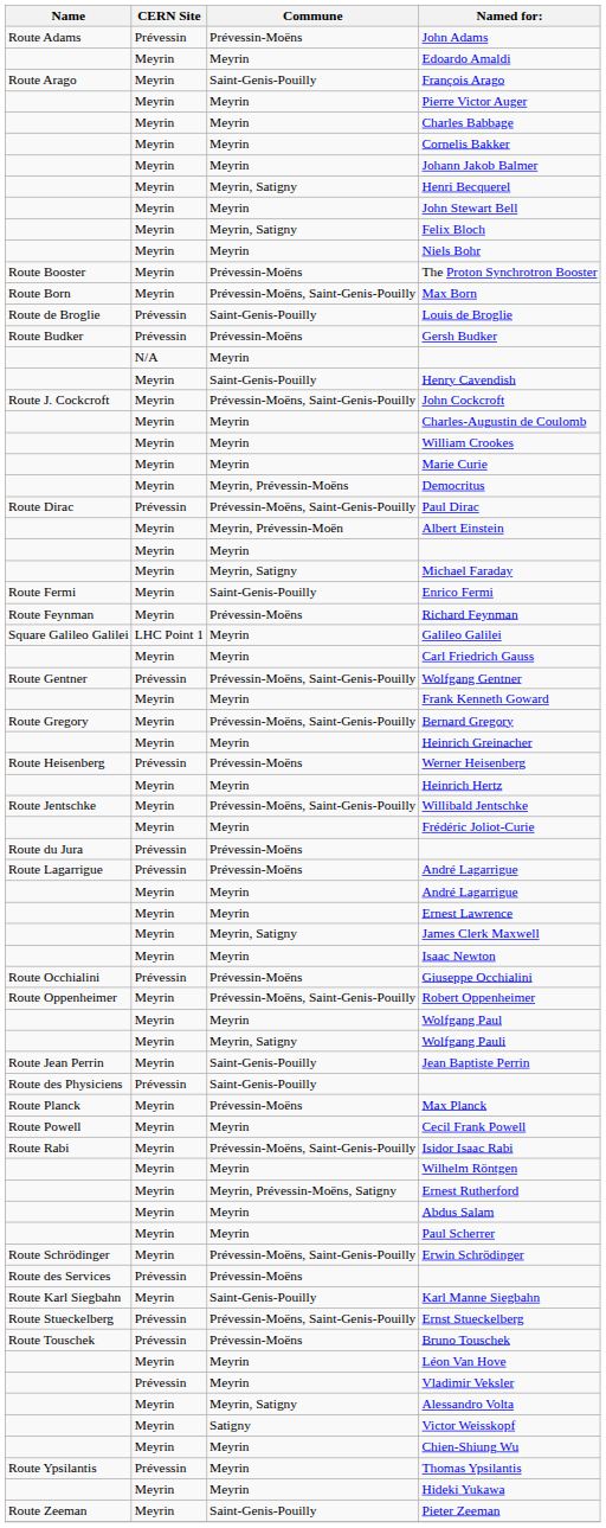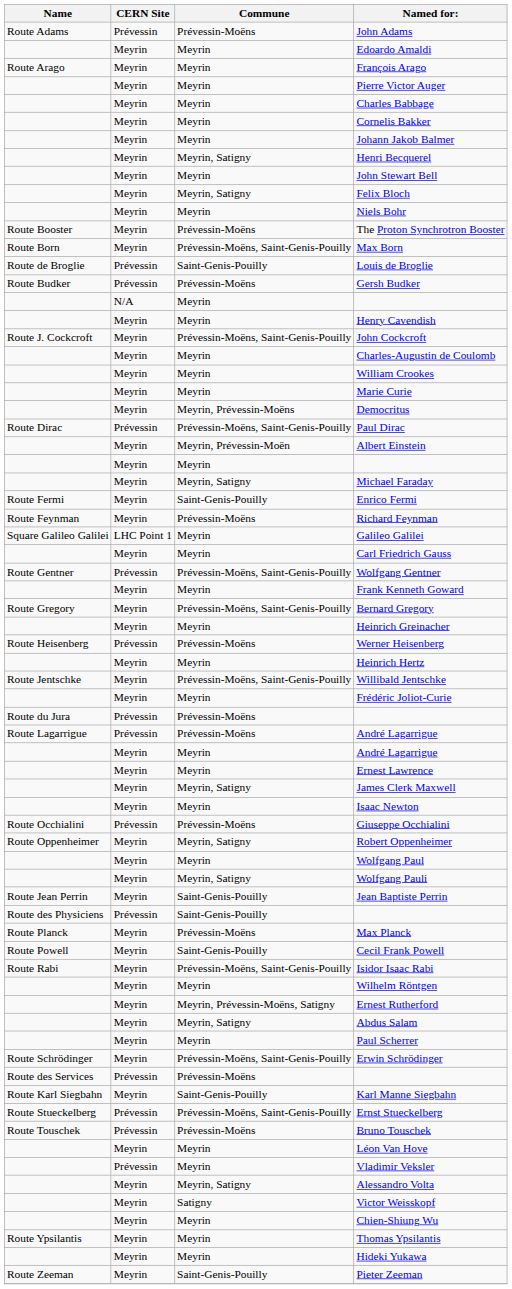 <table class="wikitable sortable">
 <tr>
 <th>Name</th>
 <th>CERN Site</th>
 <th>Commune</th>
 <th>Named for:</th>
 </tr>
 <tr>
 <td>Route Adams</td>
 <td>Prévessin</td>
 <td>Prévessin-Moëns</td>
 <td data-sort-value="Adams, John"><a href='#'>John Adams</a></td>
 </tr>
 <tr>
 <td></td>
 <td>Meyrin</td>
 <td>Meyrin</td>
 <td data-sort-value="Amaldi, Edoardo"><a href='#'>Edoardo Amaldi</a></td>
 </tr>
 <tr>
 <td>Route Arago</td>
 <td>Meyrin</td>
-<td>Saint-Genis-Pouilly</td>
+<td>Meyrin</td>
 <td data-sort-value="Arago, François"><a href='#'>François Arago</a></td>
 </tr>
 <tr>
 <td></td>
 <td>Meyrin</td>
 <td>Meyrin</td>
 <td data-sort-value="Auger, Pierre Victor"><a href='#'>Pierre Victor Auger</a></td>
 </tr>
 <tr>
 <td></td>
 <td>Meyrin</td>
 <td>Meyrin</td>
 <td data-sort-value="Babbage, Charles"><a href='#'>Charles Babbage</a></td>
 </tr>
 <tr>
 <td></td>
 <td>Meyrin</td>
 <td>Meyrin</td>
 <td data-sort-value="Bakker, Cornelis"><a href='#'>Cornelis Bakker</a></td>
 </tr>
 <tr>
 <td></td>
 <td>Meyrin</td>
 <td>Meyrin</td>
 <td data-sort-value="Balmer, Johann Jakob"><a href='#'>Johann Jakob Balmer</a></td>
 </tr>
 <tr>
 <td></td>
 <td>Meyrin</td>
 <td>Meyrin, Satigny</td>
 <td data-sort-value="Becquerel, Antoine Henri"><a href='#'>Henri Becquerel</a></td>
 </tr>
 <tr>
 <td></td>
 <td>Meyrin</td>
 <td>Meyrin</td>
 <td data-sort-value="Bell, John Stewart"><a href='#'>John Stewart Bell</a></td>
 </tr>
 <tr>
 <td></td>
 <td>Meyrin</td>
 <td>Meyrin, Satigny</td>
 <td data-sort-value="Bloch, Felix"><a href='#'>Felix Bloch</a></td>
 </tr>
 <tr>
 <td></td>
 <td>Meyrin</td>
 <td>Meyrin</td>
 <td data-sort-value="Bohr, Niels"><a href='#'>Niels Bohr</a></td>
 </tr>
 <tr>
 <td>Route Booster</td>
 <td>Meyrin</td>
 <td>Prévessin-Moëns</td>
 <td data-sort-value="Proton Synchrotron Booster">The <a href='#'>Proton Synchrotron Booster</a></td>
 </tr>
 <tr>
 <td>Route Born</td>
 <td>Meyrin</td>
 <td>Prévessin-Moëns, Saint-Genis-Pouilly</td>
 <td data-sort-value="Born, Max"><a href='#'>Max Born</a></td>
 </tr>
 <tr>
 <td>Route de Broglie</td>
 <td>Prévessin</td>
 <td>Saint-Genis-Pouilly</td>
 <td data-sort-value="Broglie, Louis De"><a href='#'>Louis de Broglie</a></td>
 </tr>
 <tr>
 <td>Route Budker</td>
 <td>Prévessin</td>
 <td>Prévessin-Moëns</td>
 <td data-sort-value="Budker, Gersh"><a href='#'>Gersh Budker</a></td>
 </tr>
 <tr>
 <td></td>
 <td>N/A</td>
 <td>Meyrin</td>
 <td></td>
 </tr>
 <tr>
 <td></td>
 <td>Meyrin</td>
-<td>Saint-Genis-Pouilly</td>
+<td>Meyrin</td>
 <td data-sort-value="Cavendish, Henry"><a href='#'>Henry Cavendish</a></td>
 </tr>
 <tr>
 <td>Route J. Cockcroft</td>
 <td>Meyrin</td>
 <td>Prévessin-Moëns, Saint-Genis-Pouilly</td>
 <td data-sort-value="Cockroft, John"><a href='#'>John Cockcroft</a></td>
 </tr>
 <tr>
 <td></td>
 <td>Meyrin</td>
 <td>Meyrin</td>
 <td data-sort-value="Coulomb, Charles Augustin de"><a href='#'>Charles-Augustin de Coulomb</a></td>
 </tr>
 <tr>
 <td></td>
 <td>Meyrin</td>
 <td>Meyrin</td>
 <td data-sort-value="Crookes, William"><a href='#'>William Crookes</a></td>
 </tr>
 <tr>
 <td></td>
 <td>Meyrin</td>
 <td>Meyrin</td>
 <td data-sort-value="Curie, Marie"><a href='#'>Marie Curie</a></td>
 </tr>
 <tr>
 <td></td>
 <td>Meyrin</td>
 <td>Meyrin, Prévessin-Moëns</td>
 <td data-sort-value="Democritus"><a href='#'>Democritus</a></td>
 </tr>
 <tr>
 <td>Route Dirac</td>
 <td>Prévessin</td>
 <td>Prévessin-Moëns, Saint-Genis-Pouilly</td>
 <td data-sort-value="Dirac, Paul"><a href='#'>Paul Dirac</a></td>
 </tr>
 <tr>
 <td></td>
 <td>Meyrin</td>
 <td>Meyrin, Prévessin-Moën</td>
 <td data-sort-value="Einstein, Albert"><a href='#'>Albert Einstein</a></td>
 </tr>
 <tr>
 <td></td>
 <td>Meyrin</td>
 <td>Meyrin</td>
 <td></td>
 </tr>
 <tr>
 <td></td>
 <td>Meyrin</td>
 <td>Meyrin, Satigny</td>
 <td data-sort-value="Faraday, Michael"><a href='#'>Michael Faraday</a></td>
 </tr>
 <tr>
 <td>Route Fermi</td>
 <td>Meyrin</td>
 <td>Saint-Genis-Pouilly</td>
 <td data-sort-value="Fermi, Enrico"><a href='#'>Enrico Fermi</a></td>
 </tr>
 <tr>
 <td>Route Feynman</td>
 <td>Meyrin</td>
 <td>Prévessin-Moëns</td>
 <td data-sort-value="Feynman, Richard"><a href='#'>Richard Feynman</a></td>
 </tr>
 <tr>
 <td>Square Galileo Galilei</td>
 <td>LHC Point 1</td>
 <td>Meyrin</td>
 <td data-sort-value="Galilei, Galileo"><a href='#'>Galileo Galilei</a></td>
 </tr>
 <tr>
 <td></td>
 <td>Meyrin</td>
 <td>Meyrin</td>
 <td data-sort-value="Gauss, Carl Friedrich"><a href='#'>Carl Friedrich Gauss</a></td>
 </tr>
 <tr>
 <td>Route Gentner</td>
 <td>Prévessin</td>
 <td>Prévessin-Moëns, Saint-Genis-Pouilly</td>
 <td data-sort-value="Gentner, Wolfgang"><a href='#'>Wolfgang Gentner</a></td>
 </tr>
 <tr>
 <td></td>
 <td>Meyrin</td>
 <td>Meyrin</td>
 <td data-sort-value="Goward, Frank Kenneth"><a href='#'>Frank Kenneth Goward</a></td>
 </tr>
 <tr>
 <td>Route Gregory</td>
 <td>Meyrin</td>
 <td>Prévessin-Moëns, Saint-Genis-Pouilly</td>
 <td data-sort-value="Gregory, Bernard"><a href='#'>Bernard Gregory</a></td>
 </tr>
 <tr>
 <td></td>
 <td>Meyrin</td>
 <td>Meyrin</td>
 <td data-sort-value="Greinacher, Heinrich"><a href='#'>Heinrich Greinacher</a></td>
 </tr>
 <tr>
 <td>Route Heisenberg</td>
 <td>Prévessin</td>
 <td>Prévessin-Moëns</td>
 <td data-sort-value="Heisenberg, Werner"><a href='#'>Werner Heisenberg</a></td>
 </tr>
 <tr>
 <td></td>
 <td>Meyrin</td>
 <td>Meyrin</td>
 <td data-sort-value="Hertz, Heinrich"><a href='#'>Heinrich Hertz</a></td>
 </tr>
 <tr>
 <td>Route Jentschke</td>
 <td>Meyrin</td>
 <td>Prévessin-Moëns, Saint-Genis-Pouilly</td>
 <td data-sort-value="Jentschke, Willibald"><a href='#'>Willibald Jentschke</a></td>
 </tr>
 <tr>
 <td></td>
 <td>Meyrin</td>
 <td>Meyrin</td>
 <td data-sort-value="Joliot-Curie"><a href='#'>Frédéric Joliot-Curie</a></td>
 </tr>
 <tr>
 <td>Route du Jura</td>
 <td>Prévessin</td>
 <td>Prévessin-Moëns</td>
 <td></td>
 </tr>
 <tr>
 <td>Route Lagarrigue</td>
 <td>Prévessin</td>
 <td>Prévessin-Moëns</td>
 <td data-sort-value="Lagarrigue, André"><a href='#'>André Lagarrigue</a></td>
 </tr>
 <tr>
 <td></td>
 <td>Meyrin</td>
 <td>Meyrin</td>
 <td data-sort-value="Lagarrigue, André"><a href='#'>André Lagarrigue</a></td>
 </tr>
 <tr>
 <td></td>
 <td>Meyrin</td>
 <td>Meyrin</td>
 <td data-sort-value="Lawrence, Ernest"><a href='#'>Ernest Lawrence</a></td>
 </tr>
 <tr>
 <td></td>
 <td>Meyrin</td>
 <td>Meyrin, Satigny</td>
 <td data-sort-value="Maxwell, James Clerk"><a href='#'>James Clerk Maxwell</a></td>
 </tr>
 <tr>
 <td></td>
 <td>Meyrin</td>
 <td>Meyrin</td>
 <td data-sort-value="Newton, Isaac"><a href='#'>Isaac Newton</a></td>
 </tr>
 <tr>
 <td>Route Occhialini</td>
 <td>Prévessin</td>
 <td>Prévessin-Moëns</td>
 <td data-sort-value="Occhialini, Giuseppe"><a href='#'>Giuseppe Occhialini</a></td>
 </tr>
 <tr>
 <td>Route Oppenheimer</td>
 <td>Meyrin</td>
-<td>Prévessin-Moëns, Saint-Genis-Pouilly</td>
+<td>Meyrin, Satigny</td>
 <td data-sort-value="Oppenheimer, Robert"><a href='#'>Robert Oppenheimer</a></td>
 </tr>
 <tr>
 <td></td>
 <td>Meyrin</td>
 <td>Meyrin</td>
 <td data-sort-value="Paul, Wolfgang"><a href='#'>Wolfgang Paul</a></td>
 </tr>
 <tr>
 <td></td>
 <td>Meyrin</td>
 <td>Meyrin, Satigny</td>
 <td data-sort-value="Pauli, Wolfgang"><a href='#'>Wolfgang Pauli</a></td>
 </tr>
 <tr>
 <td>Route Jean Perrin</td>
 <td>Meyrin</td>
 <td>Saint-Genis-Pouilly</td>
 <td data-sort-value="Perrin, Jean Baptiste"><a href='#'>Jean Baptiste Perrin</a></td>
 </tr>
 <tr>
 <td>Route des Physiciens</td>
 <td>Prévessin</td>
 <td>Saint-Genis-Pouilly</td>
 <td></td>
 </tr>
 <tr>
 <td>Route Planck</td>
 <td>Meyrin</td>
 <td>Prévessin-Moëns</td>
 <td data-sort-value="Planck, Max"><a href='#'>Max Planck</a></td>
 </tr>
 <tr>
 <td>Route Powell</td>
 <td>Meyrin</td>
-<td>Meyrin</td>
+<td>Saint-Genis-Pouilly</td>
 <td data-sort-value="Powell, Cecil Frank"><a href='#'>Cecil Frank Powell</a></td>
 </tr>
 <tr>
 <td>Route Rabi</td>
 <td>Meyrin</td>
 <td>Prévessin-Moëns, Saint-Genis-Pouilly</td>
 <td data-sort-value="Rabi, Isidor Isaac"><a href='#'>Isidor Isaac Rabi</a></td>
 </tr>
 <tr>
 <td></td>
 <td>Meyrin</td>
 <td>Meyrin</td>
 <td data-sort-value="Röntgen, Wilhelm"><a href='#'>Wilhelm Röntgen</a></td>
 </tr>
 <tr>
 <td></td>
 <td>Meyrin</td>
 <td>Meyrin, Prévessin-Moëns, Satigny</td>
 <td data-sort-value="Rutherford, Ernest"><a href='#'>Ernest Rutherford</a></td>
 </tr>
 <tr>
 <td></td>
 <td>Meyrin</td>
-<td>Meyrin</td>
+<td>Meyrin, Satigny</td>
 <td data-sort-value="Salam, Abdus"><a href='#'>Abdus Salam</a></td>
 </tr>
 <tr>
 <td></td>
 <td>Meyrin</td>
 <td>Meyrin</td>
 <td data-sort-value="Scherrer, Paul"><a href='#'>Paul Scherrer</a></td>
 </tr>
 <tr>
 <td>Route Schrödinger</td>
 <td>Meyrin</td>
 <td>Prévessin-Moëns, Saint-Genis-Pouilly</td>
 <td data-sort-value="Schrödinger, Erwin"><a href='#'>Erwin Schrödinger</a></td>
 </tr>
 <tr>
 <td>Route des Services</td>
 <td>Prévessin</td>
 <td>Prévessin-Moëns</td>
 <td></td>
 </tr>
 <tr>
 <td>Route Karl Siegbahn</td>
 <td>Meyrin</td>
 <td>Saint-Genis-Pouilly</td>
 <td data-sort-value="Siegbahn, Karl Manne"><a href='#'>Karl Manne Siegbahn</a></td>
 </tr>
 <tr>
 <td>Route Stueckelberg</td>
 <td>Prévessin</td>
 <td>Prévessin-Moëns, Saint-Genis-Pouilly</td>
 <td data-sort-value="Stueckelberg, Ernst"><a href='#'>Ernst Stueckelberg</a></td>
 </tr>
 <tr>
 <td>Route Touschek</td>
 <td>Prévessin</td>
 <td>Prévessin-Moëns</td>
 <td data-sort-value="Touschek, Bruno"><a href='#'>Bruno Touschek</a></td>
 </tr>
 <tr>
 <td></td>
 <td>Meyrin</td>
 <td>Meyrin</td>
 <td data-sort-value="Van Hove, Léon"><a href='#'>Léon Van Hove</a></td>
 </tr>
 <tr>
 <td></td>
 <td>Prévessin</td>
 <td>Meyrin</td>
 <td data-sort-value="Veksler, Vladimir"><a href='#'>Vladimir Veksler</a></td>
 </tr>
 <tr>
 <td></td>
 <td>Meyrin</td>
 <td>Meyrin, Satigny</td>
 <td data-sort-value="Volta, Alessandro"><a href='#'>Alessandro Volta</a></td>
 </tr>
 <tr>
 <td></td>
 <td>Meyrin</td>
 <td>Satigny</td>
 <td data-sort-value="Weisskopf, Victor"><a href='#'>Victor Weisskopf</a></td>
 </tr>
 <tr>
 <td></td>
 <td>Meyrin</td>
 <td>Meyrin</td>
 <td data-sort-value="Wu, Chien-Shiung"><a href='#'>Chien-Shiung Wu</a></td>
 </tr>
 <tr>
 <td>Route Ypsilantis</td>
-<td>Prévessin</td>
+<td>Meyrin</td>
 <td>Meyrin</td>
 <td data-sort-value="Ypsilantis, Thomas"><a href='#'>Thomas Ypsilantis</a></td>
 </tr>
 <tr>
 <td></td>
 <td>Meyrin</td>
 <td>Meyrin</td>
 <td data-sort-value="Yukawa, Hideki"><a href='#'>Hideki Yukawa</a></td>
 </tr>
 <tr>
 <td>Route Zeeman</td>
 <td>Meyrin</td>
 <td>Saint-Genis-Pouilly</td>
 <td data-sort-value="Zeeman, Pieter"><a href='#'>Pieter Zeeman</a></td>
 </tr>
 <tr>
 </tr>
 </table>
